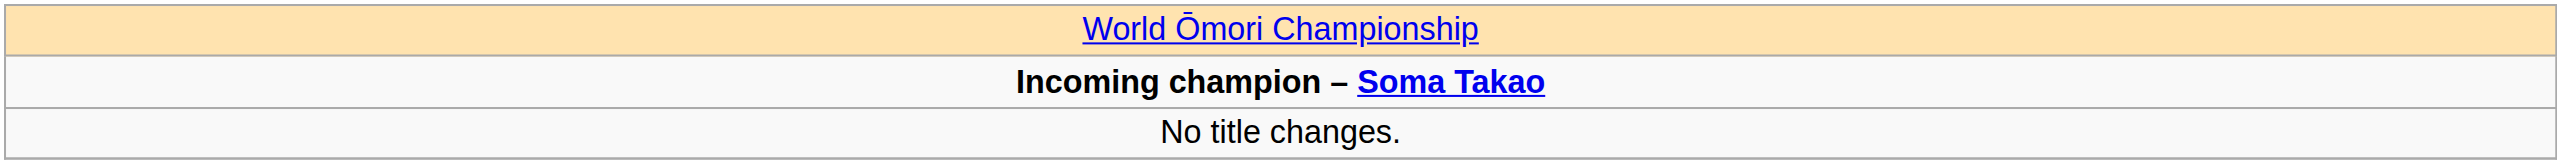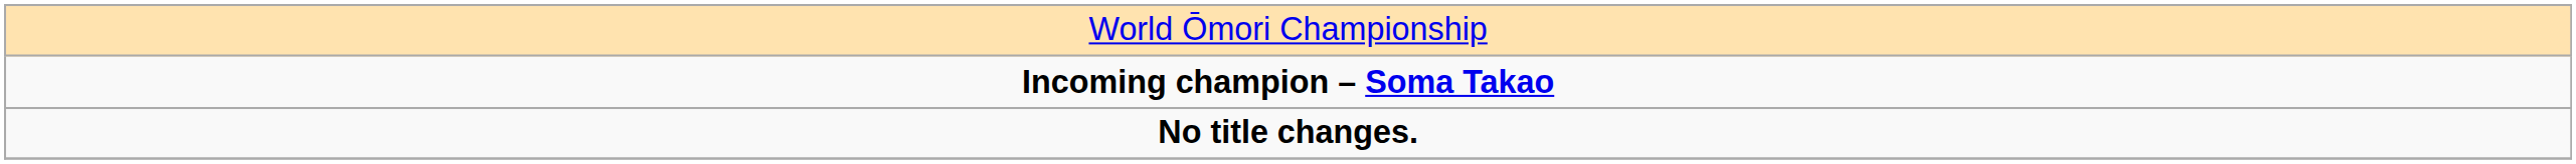 <table class="wikitable" style="text-align:center; width:100%;">
 <tr style="background:#ffe3af;">
 <td colspan="5" style="text-align: center;"><a href='#'>World Ōmori Championship</a></td>
 </tr>
 <tr>
 <td colspan="5" style="text-align: center;"><strong>Incoming champion – <a href='#'>Soma Takao</a></strong></td>
 </tr>
 <tr>
-<td>No title changes.</td>
+<td><strong>No title changes.</strong></td>
 </tr>
 <tr>
 </tr>
 </table>
